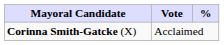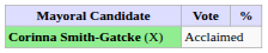 <table class="wikitable">
 <tr>
 <th style="background:#ddf; width:200px;">Mayoral Candidate</th>
 <th style="background:#ddf; width:50px;">Vote</th>
 <th style="background:#ddf; width:30px;">%</th>
 </tr>
 <tr>
-<td><strong>Corinna Smith-Gatcke</strong> (X)</td>
+<td style="background: lightgreen;"><strong>Corinna Smith-Gatcke</strong> (X)</td>
 <td colspan="2">Acclaimed</td>
 </tr>
 </table>
